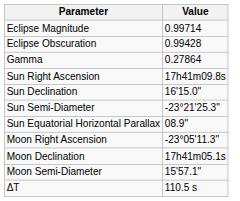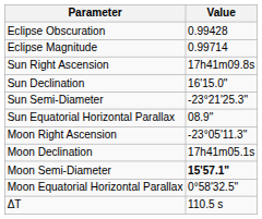 <table class="wikitable">
 <tr>
 <th>Parameter</th>
 <th>Value</th>
 </tr>
 <tr>
-<td>Eclipse Magnitude</td>
-<td>0.99714</td>
-</tr>
-<tr>
 <td>Eclipse Obscuration</td>
 <td>0.99428</td>
 </tr>
 <tr>
-<td>Gamma</td>
-<td>0.27864</td>
+<td>Eclipse Magnitude</td>
+<td>0.99714</td>
 </tr>
 <tr>
 <td>Sun Right Ascension</td>
 <td>17h41m09.8s</td>
 </tr>
 <tr>
 <td>Sun Declination</td>
 <td>16'15.0"</td>
 </tr>
 <tr>
 <td>Sun Semi-Diameter</td>
 <td>-23°21'25.3"</td>
 </tr>
 <tr>
 <td>Sun Equatorial Horizontal Parallax</td>
 <td>08.9"</td>
 </tr>
 <tr>
 <td>Moon Right Ascension</td>
 <td>-23°05'11.3"</td>
 </tr>
 <tr>
 <td>Moon Declination</td>
 <td>17h41m05.1s</td>
 </tr>
 <tr>
 <td>Moon Semi-Diameter</td>
-<td>15'57.1"</td>
+<td><strong>15'57.1"</strong></td>
+</tr>
+<tr>
+<td>Moon Equatorial Horizontal Parallax</td>
+<td>0°58'32.5"</td>
 </tr>
 <tr>
 <td>ΔT</td>
 <td>110.5 s</td>
 </tr>
 </table>
